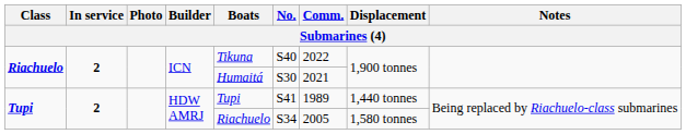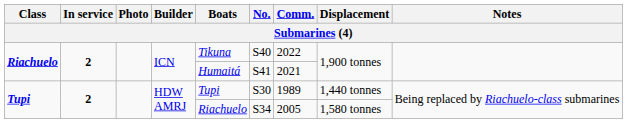 <table class="wikitable">
 <tr>
 <th>Class</th>
 <th>In service</th>
 <th>Photo</th>
 <th>Builder</th>
 <th>Boats</th>
 <th><a href='#'>No.</a></th>
 <th><a href='#'>Comm.</a></th>
 <th>Displacement</th>
 <th>Notes</th>
 </tr>
 <tr>
 <th colspan="11"><a href='#'>Submarines</a> (4)</th>
 </tr>
 <tr>
 <td rowspan="2" style="text-align:left"><strong><em><a href='#'>Riachuelo</a></em></strong></td>
 <td rowspan="2" style="text-align: center"><strong>2</strong></td>
 <td rowspan="2"></td>
 <td rowspan="2"><a href='#'>ICN</a></td>
 <td><a href='#'><em>Tikuna</em></a></td>
 <td>S40</td>
 <td>2022</td>
 <td rowspan="2">1,900 tonnes</td>
 <td rowspan="2"></td>
 </tr>
 <tr>
 <td><a href='#'><em>Humaitá</em></a></td>
-<td>S30</td>
+<td>S41</td>
 <td>2021</td>
 </tr>
 <tr>
 <td rowspan="2" style="text-align:left"><strong><em><a href='#'>Tupi</a></em></strong></td>
 <td rowspan="2" style="text-align: center"><strong>2</strong></td>
 <td rowspan="2"></td>
 <td rowspan="2"><a href='#'>HDW</a><br><a href='#'>AMRJ</a></td>
 <td><a href='#'><em>Tupi</em></a></td>
-<td>S41</td>
+<td>S30</td>
 <td>1989</td>
 <td>1,440 tonnes</td>
 <td rowspan="2">Being replaced by <a href='#'><em>Riachuelo-class</em></a> submarines</td>
 </tr>
 <tr>
 <td><a href='#'><em>Riachuelo</em></a></td>
 <td>S34</td>
 <td>2005</td>
 <td>1,580 tonnes</td>
 </tr>
 </table>
